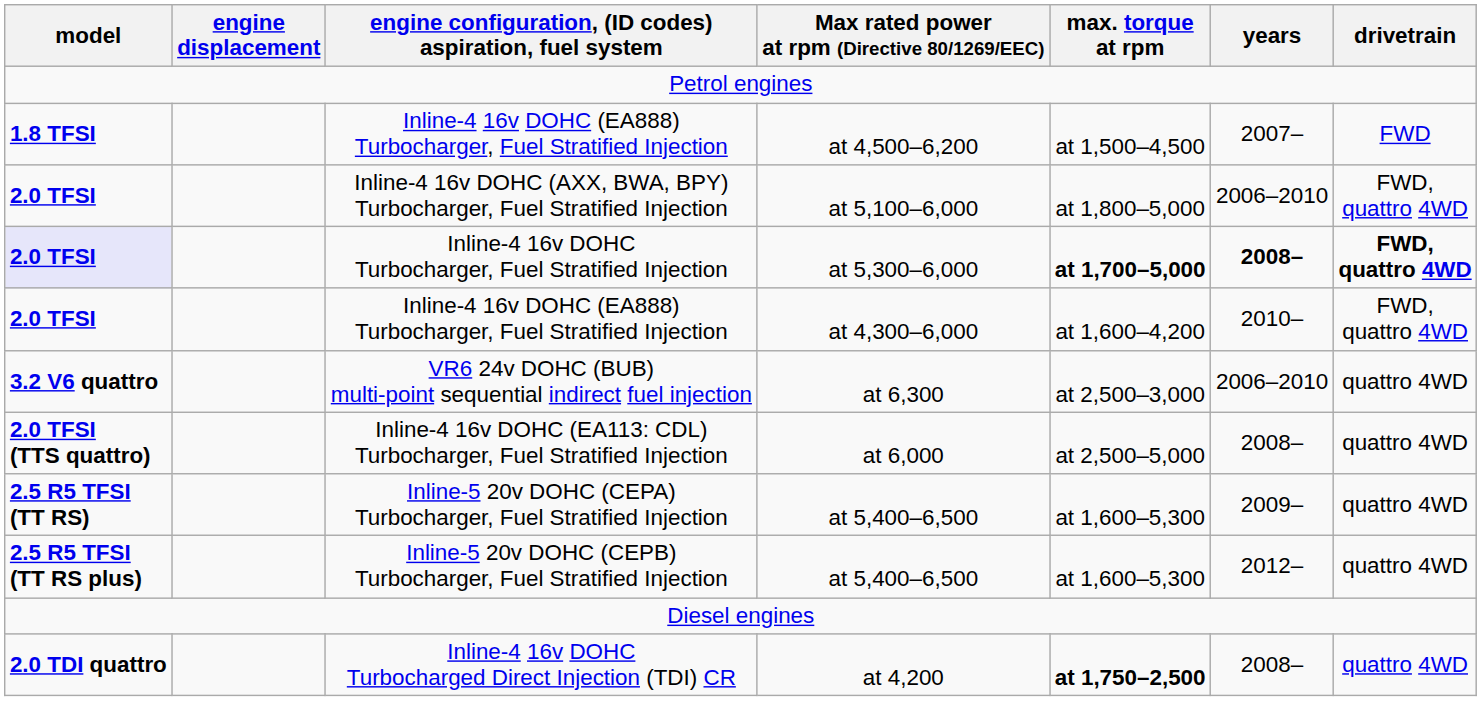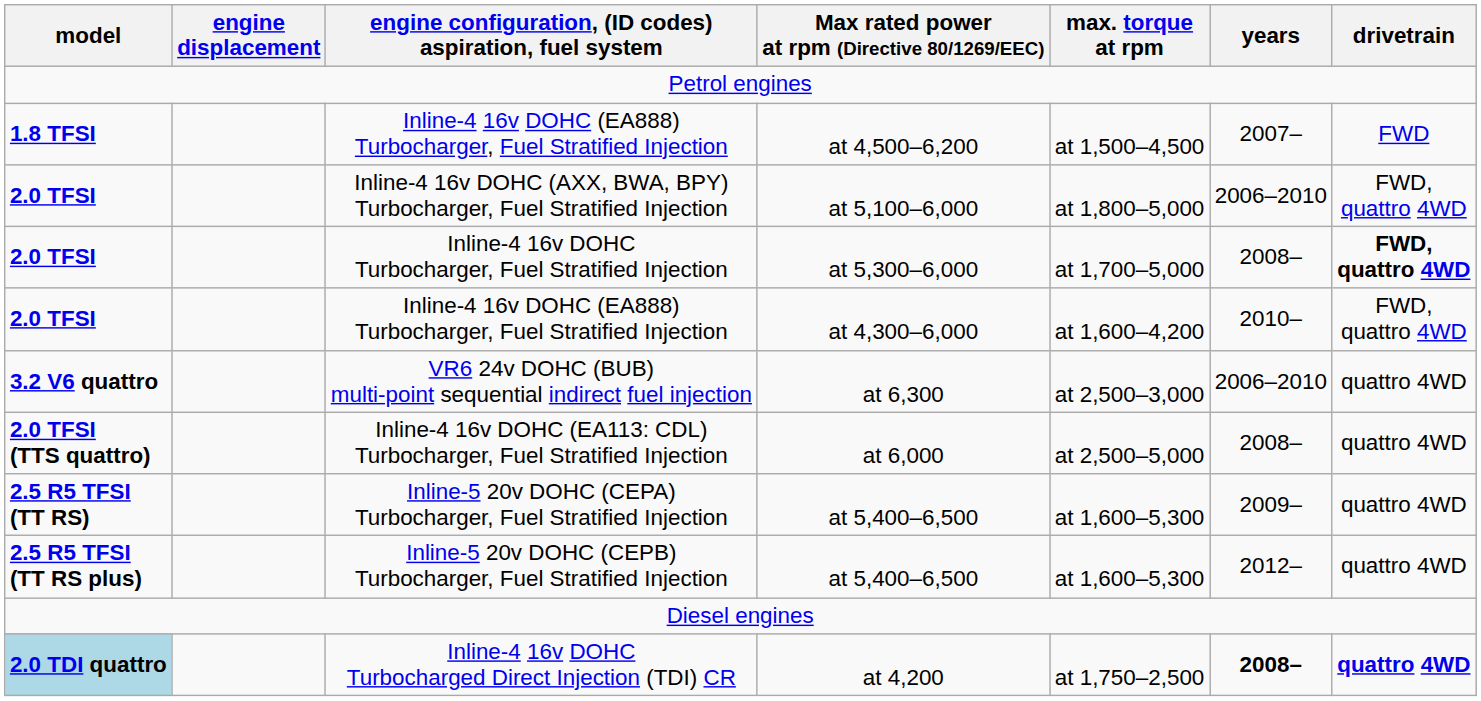 <table class="wikitable" style="text-align:center; font-size:98%;">
 <tr>
 <th>model</th>
 <th><a href='#'>engine<br>displacement</a></th>
 <th><a href='#'>engine configuration</a>, (ID codes)<br>aspiration, fuel system</th>
 <th>Max rated power<br>at rpm <small>(Directive 80/1269/EEC)</small></th>
 <th>max. <a href='#'>torque</a><br>at rpm</th>
 <th>years</th>
 <th>drivetrain</th>
 </tr>
 <tr>
 <td colspan=8 ><a href='#'>Petrol engines</a></td>
 </tr>
 <tr>
 <td align="left"><strong><a href='#'>1.8 TFSI</a><br></strong></td>
 <td></td>
 <td><a href='#'>Inline-4</a> <a href='#'>16v</a> <a href='#'>DOHC</a> (EA888)<br><a href='#'>Turbocharger</a>, <a href='#'>Fuel Stratified Injection</a></td>
 <td><br>at 4,500–6,200</td>
 <td><br>at 1,500–4,500</td>
 <td>2007–</td>
 <td><a href='#'>FWD</a></td>
 </tr>
 <tr>
 <td align="left"><strong><a href='#'>2.0 TFSI</a></strong></td>
 <td></td>
 <td>Inline-4 16v DOHC (AXX, BWA, BPY)<br>Turbocharger, Fuel Stratified Injection</td>
 <td><br>at 5,100–6,000</td>
 <td><br>at 1,800–5,000</td>
 <td>2006–2010</td>
 <td>FWD,<br><a href='#'>quattro</a> <a href='#'>4WD</a></td>
 </tr>
 <tr>
-<td align="left" style="background: lavender;"><strong><a href='#'>2.0 TFSI</a></strong></td>
+<td align="left"><strong><a href='#'>2.0 TFSI</a></strong></td>
 <td></td>
 <td>Inline-4 16v DOHC <br>Turbocharger, Fuel Stratified Injection</td>
 <td><br>at 5,300–6,000</td>
-<td><strong><br>at 1,700–5,000</strong></td>
-<td><strong>2008–</strong></td>
+<td><br>at 1,700–5,000</td>
+<td>2008–</td>
 <td><strong>FWD,<br>quattro <a href='#'>4WD</a></strong></td>
 </tr>
 <tr>
 <td align="left"><strong><a href='#'>2.0 TFSI</a></strong></td>
 <td></td>
 <td>Inline-4 16v DOHC (EA888)<br>Turbocharger, Fuel Stratified Injection</td>
 <td><br>at 4,300–6,000</td>
 <td><br>at 1,600–4,200</td>
 <td>2010–</td>
 <td>FWD,<br>quattro <a href='#'>4WD</a></td>
 </tr>
 <tr>
 <td align="left"><strong><a href='#'>3.2 V6</a> quattro</strong></td>
 <td></td>
 <td><a href='#'>VR6</a> 24v DOHC (BUB)<br><a href='#'>multi-point</a> sequential <a href='#'>indirect</a> <a href='#'>fuel injection</a></td>
 <td><br>at 6,300</td>
 <td><br>at 2,500–3,000</td>
 <td>2006–2010</td>
 <td>quattro 4WD</td>
 </tr>
 <tr>
 <td align="left"><strong><a href='#'>2.0 TFSI</a><br>(TTS quattro)</strong></td>
 <td></td>
 <td>Inline-4 16v DOHC (EA113: CDL)<br>Turbocharger, Fuel Stratified Injection</td>
 <td><br>at 6,000</td>
 <td><br>at 2,500–5,000</td>
 <td>2008–</td>
 <td>quattro 4WD</td>
 </tr>
 <tr>
 <td align="left"><strong><a href='#'>2.5 R5 TFSI</a><br>(TT RS)</strong></td>
 <td></td>
 <td><a href='#'>Inline-5</a> 20v DOHC (CEPA)<br>Turbocharger, Fuel Stratified Injection</td>
 <td><br>at 5,400–6,500</td>
 <td><br>at 1,600–5,300</td>
 <td>2009–</td>
 <td>quattro 4WD</td>
 </tr>
 <tr>
 <td align="left"><strong><a href='#'>2.5 R5 TFSI</a><br>(TT RS plus)</strong></td>
 <td></td>
 <td><a href='#'>Inline-5</a> 20v DOHC (CEPB)<br>Turbocharger, Fuel Stratified Injection</td>
 <td><br>at 5,400–6,500</td>
 <td><br>at 1,600–5,300</td>
 <td>2012–</td>
 <td>quattro 4WD</td>
 </tr>
 <tr>
 <td colspan=8 ><a href='#'>Diesel engines</a></td>
 </tr>
 <tr>
-<td align="left"><strong><a href='#'>2.0 TDI</a> quattro<br></strong></td>
+<td align="left" style="background: lightblue;"><strong><a href='#'>2.0 TDI</a> quattro<br></strong></td>
 <td></td>
 <td><a href='#'>Inline-4</a> <a href='#'>16v</a> <a href='#'>DOHC</a><br><a href='#'>Turbocharged Direct Injection</a> (TDI) <a href='#'>CR</a></td>
 <td><br>at 4,200</td>
-<td><strong><br>at 1,750–2,500</strong></td>
-<td>2008–</td>
-<td><a href='#'>quattro</a> <a href='#'>4WD</a></td>
+<td><br>at 1,750–2,500</td>
+<td><strong>2008–</strong></td>
+<td><strong><a href='#'>quattro</a> <a href='#'>4WD</a></strong></td>
 </tr>
 </table>
